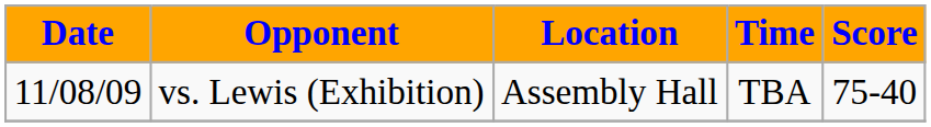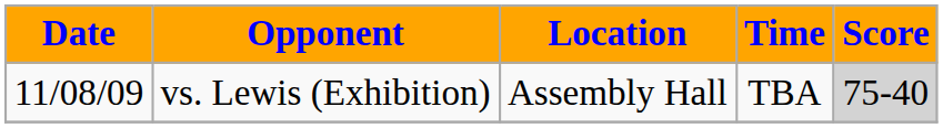 <table class="wikitable" style="text-align:center">
 <tr>
 <th style=" background:orange;color:blue;">Date</th>
 <th style=" background:orange;color:blue;">Opponent</th>
 <th style=" background:orange;color:blue;">Location</th>
 <th style=" background:orange;color:blue;">Time</th>
 <th style=" background:orange;color:blue;">Score</th>
 </tr>
 <tr>
 <td>11/08/09</td>
 <td>vs. Lewis (Exhibition)</td>
 <td>Assembly Hall</td>
 <td>TBA</td>
-<td>75-40</td>
+<td style="background: lightgrey;">75-40</td>
 </tr>
 <tr>
 </tr>
 </table>
